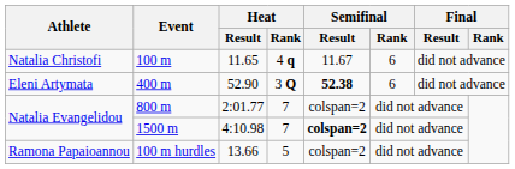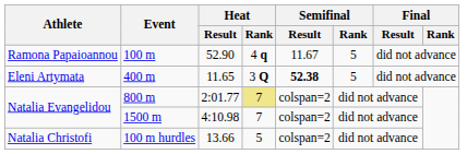 <table class="wikitable" style="font-size:90%">
 <tr>
 <th rowspan=2>Athlete</th>
 <th rowspan=2>Event</th>
 <th colspan=2>Heat</th>
 <th colspan=2>Semifinal</th>
 <th colspan=2>Final</th>
 </tr>
 <tr style="font-size:95%">
 <th>Result</th>
 <th>Rank</th>
 <th>Result</th>
 <th>Rank</th>
 <th>Result</th>
 <th>Rank</th>
 </tr>
 <tr align=center>
-<td align=left><a href='#'>Natalia Christofi</a></td>
+<td align=left><a href='#'>Ramona Papaioannou</a></td>
 <td align=left><a href='#'>100 m</a></td>
-<td>11.65</td>
+<td>52.90</td>
 <td>4 <strong>q</strong></td>
 <td>11.67</td>
-<td>6</td>
+<td>5</td>
 <td Colspan=2>did not advance</td>
 </tr>
 <tr align=center>
 <td align=left><a href='#'>Eleni Artymata</a></td>
 <td align=left><a href='#'>400 m</a></td>
-<td>52.90</td>
+<td>11.65</td>
 <td>3 <strong>Q</strong></td>
 <td><strong>52.38</strong></td>
-<td>6</td>
+<td>5</td>
 <td colspan=2>did not advance</td>
 </tr>
 <tr align=center>
 <td align=left rowspan=2><a href='#'>Natalia Evangelidou</a></td>
 <td align=left><a href='#'>800 m</a></td>
 <td>2:01.77</td>
-<td>7</td>
+<td style="background: khaki;">7</td>
 <td>colspan=2 </td>
 <td colspan=2>did not advance</td>
 </tr>
 <tr align=center>
 <td align=left><a href='#'>1500 m</a></td>
 <td>4:10.98</td>
 <td>7</td>
-<td><strong>colspan=2 </strong></td>
+<td>colspan=2 </td>
 <td colspan=2>did not advance</td>
 </tr>
 <tr align=center>
-<td align=left><a href='#'>Ramona Papaioannou</a></td>
+<td align=left><a href='#'>Natalia Christofi</a></td>
 <td align=left><a href='#'>100 m hurdles</a></td>
 <td>13.66</td>
 <td>5</td>
 <td>colspan=2 </td>
 <td colspan=2>did not advance</td>
 </tr>
 </table>
